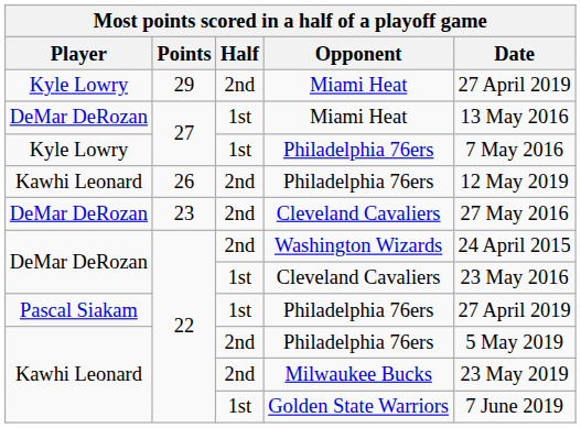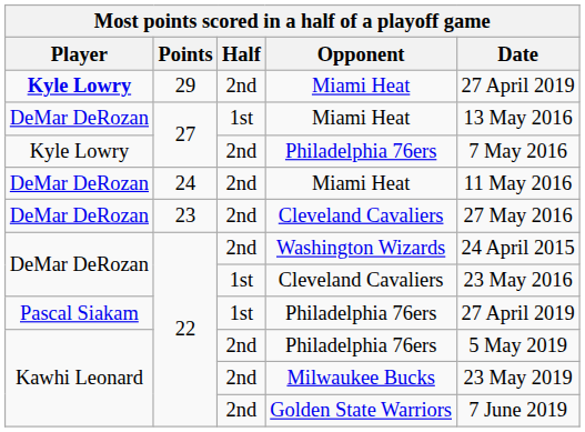 <table class="wikitable" style="text-align:center">
 <tr>
 <th colspan="5">Most points scored in a half of a playoff game</th>
 </tr>
 <tr>
 <th>Player</th>
 <th>Points</th>
 <th>Half</th>
 <th>Opponent</th>
 <th>Date</th>
 </tr>
 <tr>
-<td><a href='#'>Kyle Lowry</a></td>
+<td><strong><a href='#'>Kyle Lowry</a></strong></td>
 <td>29</td>
 <td>2nd</td>
 <td><a href='#'>Miami Heat</a></td>
 <td>27 April 2019</td>
 </tr>
 <tr>
 <td><a href='#'>DeMar DeRozan</a></td>
 <td rowspan=2>27</td>
 <td>1st</td>
 <td>Miami Heat</td>
 <td>13 May 2016</td>
 </tr>
 <tr>
 <td>Kyle Lowry</td>
-<td>1st</td>
+<td>2nd</td>
 <td><a href='#'>Philadelphia 76ers</a></td>
 <td>7 May 2016</td>
 </tr>
 <tr>
-<td>Kawhi Leonard</td>
-<td>26</td>
+<td><a href='#'>DeMar DeRozan</a></td>
+<td>24</td>
 <td>2nd</td>
-<td>Philadelphia 76ers</td>
-<td>12 May 2019</td>
+<td>Miami Heat</td>
+<td>11 May 2016</td>
 </tr>
 <tr>
 <td><a href='#'>DeMar DeRozan</a></td>
 <td>23</td>
 <td>2nd</td>
 <td><a href='#'>Cleveland Cavaliers</a></td>
 <td>27 May 2016</td>
 </tr>
 <tr>
 <td rowspan=2>DeMar DeRozan</td>
 <td rowspan=6>22</td>
 <td>2nd</td>
 <td><a href='#'>Washington Wizards</a></td>
 <td>24 April 2015</td>
 </tr>
 <tr>
 <td>1st</td>
 <td>Cleveland Cavaliers</td>
 <td>23 May 2016</td>
 </tr>
 <tr>
 <td><a href='#'>Pascal Siakam</a></td>
 <td>1st</td>
 <td>Philadelphia 76ers</td>
 <td>27 April 2019</td>
 </tr>
 <tr>
 <td rowspan=3>Kawhi Leonard</td>
 <td>2nd</td>
 <td>Philadelphia 76ers</td>
 <td>5 May 2019</td>
 </tr>
 <tr>
 <td>2nd</td>
 <td><a href='#'>Milwaukee Bucks</a></td>
 <td>23 May 2019</td>
 </tr>
 <tr>
-<td>1st</td>
+<td>2nd</td>
 <td><a href='#'>Golden State Warriors</a></td>
 <td>7 June 2019</td>
 </tr>
 </table>
